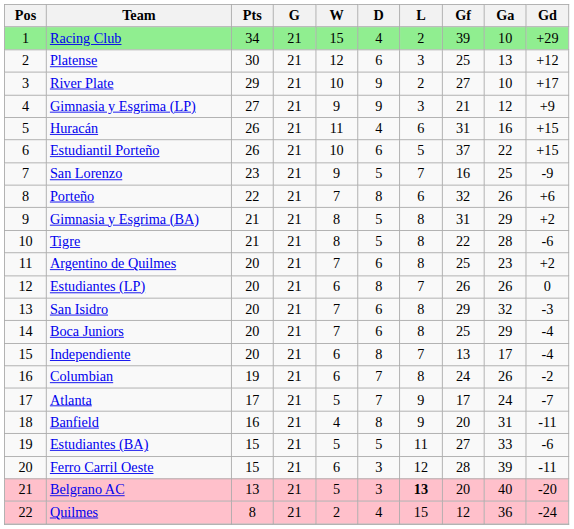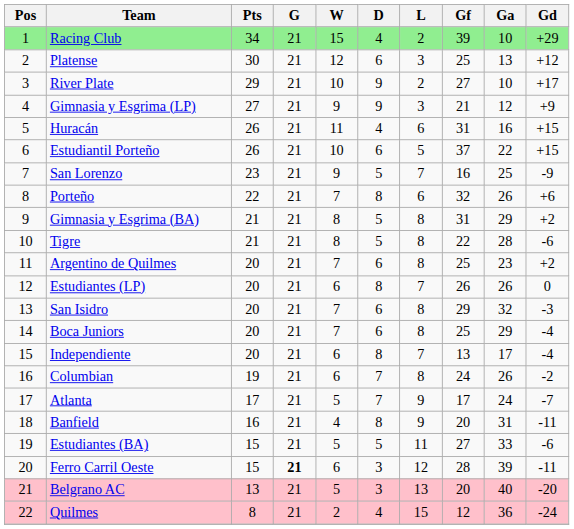 <table class="wikitable" style="text-align:center">
 <tr>
 <th width=40px>Pos</th>
 <th width=200px>Team</th>
 <th width=40px>Pts</th>
 <th width=40px>G</th>
 <th width=40px>W</th>
 <th width=40px>D</th>
 <th width=40px>L</th>
 <th width=40px>Gf</th>
 <th width=40px>Ga</th>
 <th width=40px>Gd</th>
 </tr>
 <tr bgcolor="lightgreen">
 <td>1</td>
 <td align="left"><a href='#'>Racing Club</a></td>
 <td>34</td>
 <td>21</td>
 <td>15</td>
 <td>4</td>
 <td>2</td>
 <td>39</td>
 <td>10</td>
 <td>+29</td>
 </tr>
 <tr>
 <td>2</td>
 <td align="left"><a href='#'>Platense</a></td>
 <td>30</td>
 <td>21</td>
 <td>12</td>
 <td>6</td>
 <td>3</td>
 <td>25</td>
 <td>13</td>
 <td>+12</td>
 </tr>
 <tr>
 <td>3</td>
 <td align="left"><a href='#'>River Plate</a></td>
 <td>29</td>
 <td>21</td>
 <td>10</td>
 <td>9</td>
 <td>2</td>
 <td>27</td>
 <td>10</td>
 <td>+17</td>
 </tr>
 <tr>
 <td>4</td>
 <td align="left"><a href='#'>Gimnasia y Esgrima (LP)</a></td>
 <td>27</td>
 <td>21</td>
 <td>9</td>
 <td>9</td>
 <td>3</td>
 <td>21</td>
 <td>12</td>
 <td>+9</td>
 </tr>
 <tr>
 <td>5</td>
 <td align="left"><a href='#'>Huracán</a></td>
 <td>26</td>
 <td>21</td>
 <td>11</td>
 <td>4</td>
 <td>6</td>
 <td>31</td>
 <td>16</td>
 <td>+15</td>
 </tr>
 <tr>
 <td>6</td>
 <td align="left"><a href='#'>Estudiantil Porteño</a></td>
 <td>26</td>
 <td>21</td>
 <td>10</td>
 <td>6</td>
 <td>5</td>
 <td>37</td>
 <td>22</td>
 <td>+15</td>
 </tr>
 <tr>
 <td>7</td>
 <td align="left"><a href='#'>San Lorenzo</a></td>
 <td>23</td>
 <td>21</td>
 <td>9</td>
 <td>5</td>
 <td>7</td>
 <td>16</td>
 <td>25</td>
 <td>-9</td>
 </tr>
 <tr>
 <td>8</td>
 <td align="left"><a href='#'>Porteño</a></td>
 <td>22</td>
 <td>21</td>
 <td>7</td>
 <td>8</td>
 <td>6</td>
 <td>32</td>
 <td>26</td>
 <td>+6</td>
 </tr>
 <tr>
 <td>9</td>
 <td align="left"><a href='#'>Gimnasia y Esgrima (BA)</a></td>
 <td>21</td>
 <td>21</td>
 <td>8</td>
 <td>5</td>
 <td>8</td>
 <td>31</td>
 <td>29</td>
 <td>+2</td>
 </tr>
 <tr>
 <td>10</td>
 <td align="left"><a href='#'>Tigre</a></td>
 <td>21</td>
 <td>21</td>
 <td>8</td>
 <td>5</td>
 <td>8</td>
 <td>22</td>
 <td>28</td>
 <td>-6</td>
 </tr>
 <tr>
 <td>11</td>
 <td align="left"><a href='#'>Argentino de Quilmes</a></td>
 <td>20</td>
 <td>21</td>
 <td>7</td>
 <td>6</td>
 <td>8</td>
 <td>25</td>
 <td>23</td>
 <td>+2</td>
 </tr>
 <tr>
 <td>12</td>
 <td align="left"><a href='#'>Estudiantes (LP)</a></td>
 <td>20</td>
 <td>21</td>
 <td>6</td>
 <td>8</td>
 <td>7</td>
 <td>26</td>
 <td>26</td>
 <td>0</td>
 </tr>
 <tr>
 <td>13</td>
 <td align="left"><a href='#'>San Isidro</a></td>
 <td>20</td>
 <td>21</td>
 <td>7</td>
 <td>6</td>
 <td>8</td>
 <td>29</td>
 <td>32</td>
 <td>-3</td>
 </tr>
 <tr>
 <td>14</td>
 <td align="left"><a href='#'>Boca Juniors</a></td>
 <td>20</td>
 <td>21</td>
 <td>7</td>
 <td>6</td>
 <td>8</td>
 <td>25</td>
 <td>29</td>
 <td>-4</td>
 </tr>
 <tr>
 <td>15</td>
 <td align="left"><a href='#'>Independiente</a></td>
 <td>20</td>
 <td>21</td>
 <td>6</td>
 <td>8</td>
 <td>7</td>
 <td>13</td>
 <td>17</td>
 <td>-4</td>
 </tr>
 <tr>
 <td>16</td>
 <td align="left"><a href='#'>Columbian</a></td>
 <td>19</td>
 <td>21</td>
 <td>6</td>
 <td>7</td>
 <td>8</td>
 <td>24</td>
 <td>26</td>
 <td>-2</td>
 </tr>
 <tr>
 <td>17</td>
 <td align="left"><a href='#'>Atlanta</a></td>
 <td>17</td>
 <td>21</td>
 <td>5</td>
 <td>7</td>
 <td>9</td>
 <td>17</td>
 <td>24</td>
 <td>-7</td>
 </tr>
 <tr>
 <td>18</td>
 <td align="left"><a href='#'>Banfield</a></td>
 <td>16</td>
 <td>21</td>
 <td>4</td>
 <td>8</td>
 <td>9</td>
 <td>20</td>
 <td>31</td>
 <td>-11</td>
 </tr>
 <tr>
 <td>19</td>
 <td align="left"><a href='#'>Estudiantes (BA)</a></td>
 <td>15</td>
 <td>21</td>
 <td>5</td>
 <td>5</td>
 <td>11</td>
 <td>27</td>
 <td>33</td>
 <td>-6</td>
 </tr>
 <tr>
 <td>20</td>
 <td align="left"><a href='#'>Ferro Carril Oeste</a></td>
 <td>15</td>
-<td>21</td>
+<td><strong>21</strong></td>
 <td>6</td>
 <td>3</td>
 <td>12</td>
 <td>28</td>
 <td>39</td>
 <td>-11</td>
 </tr>
 <tr bgcolor="pink">
 <td>21</td>
 <td align="left"><a href='#'>Belgrano AC</a></td>
 <td>13</td>
 <td>21</td>
 <td>5</td>
 <td>3</td>
-<td><strong>13</strong></td>
+<td>13</td>
 <td>20</td>
 <td>40</td>
 <td>-20</td>
 </tr>
 <tr bgcolor="pink">
 <td>22</td>
 <td align="left"><a href='#'>Quilmes</a></td>
 <td>8</td>
 <td>21</td>
 <td>2</td>
 <td>4</td>
 <td>15</td>
 <td>12</td>
 <td>36</td>
 <td>-24</td>
 </tr>
 <tr>
 </tr>
 </table>
